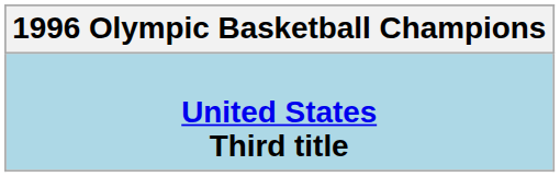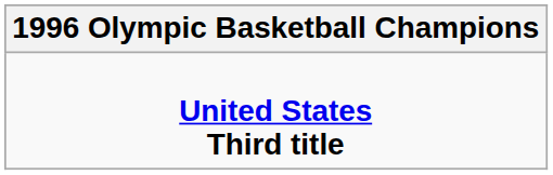 <table class=wikitable style="text-align:center;">
 <tr>
 <th>1996 Olympic Basketball Champions</th>
 </tr>
 <tr>
-<td style="background: lightblue;"> <br> <strong><a href='#'>United States</a></strong> <br> <strong>Third title</strong></td>
+<td> <br> <strong><a href='#'>United States</a></strong> <br> <strong>Third title</strong></td>
 </tr>
 </table>
